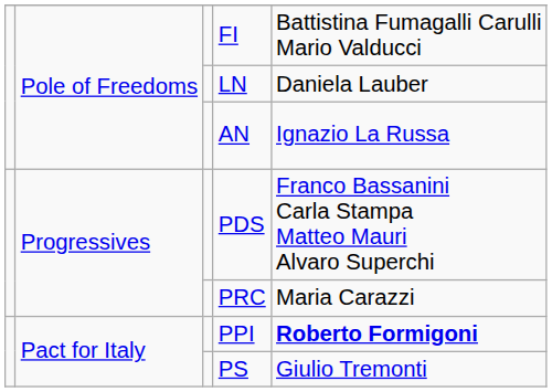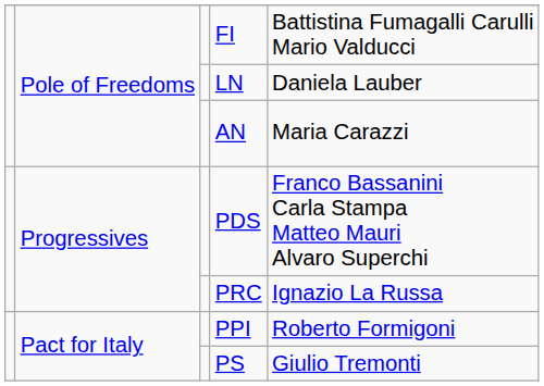 <table class=wikitable style=text-align:left>
 <tr>
 </tr>
 <tr>
 <td rowspan=3></td>
 <td rowspan=3><a href='#'>Pole of Freedoms</a></td>
 <td style="background:"></td>
 <td><a href='#'>FI</a></td>
 <td>Battistina Fumagalli Carulli<br>Mario Valducci</td>
 </tr>
 <tr>
 <td style="background:"></td>
 <td><a href='#'>LN</a></td>
 <td>Daniela Lauber</td>
 </tr>
 <tr style="height:3em;">
 <td style="background:"></td>
 <td><a href='#'>AN</a></td>
-<td><a href='#'>Ignazio La Russa</a></td>
+<td>Maria Carazzi</td>
 </tr>
 <tr>
 <td rowspan=2></td>
 <td rowspan=2><a href='#'>Progressives</a></td>
 <td style="background:"></td>
 <td><a href='#'>PDS</a></td>
 <td><a href='#'>Franco Bassanini</a><br>Carla Stampa<br><a href='#'>Matteo Mauri</a><br>Alvaro Superchi</td>
 </tr>
 <tr>
 <td style="background:"></td>
 <td><a href='#'>PRC</a></td>
-<td>Maria Carazzi</td>
+<td><a href='#'>Ignazio La Russa</a></td>
 </tr>
 <tr>
 <td rowspan=2></td>
 <td rowspan=2><a href='#'>Pact for Italy</a></td>
 <td style="background:"></td>
 <td><a href='#'>PPI</a></td>
-<td><strong><a href='#'>Roberto Formigoni</a></strong></td>
+<td><a href='#'>Roberto Formigoni</a></td>
 </tr>
 <tr>
 <td style="background:"></td>
 <td><a href='#'>PS</a></td>
 <td><a href='#'>Giulio Tremonti</a></td>
 </tr>
 </table>
